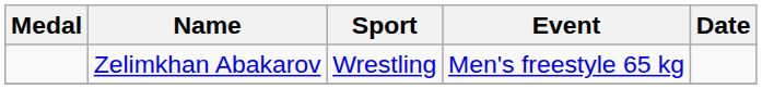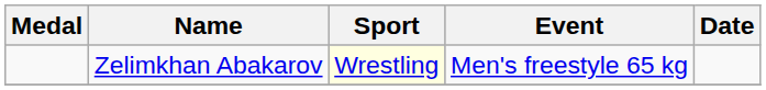 <table class="wikitable sortable" style="font-size: 95%;">
 <tr>
 <th>Medal</th>
 <th>Name</th>
 <th>Sport</th>
 <th>Event</th>
 <th>Date</th>
 </tr>
 <tr>
 <td></td>
 <td><a href='#'>Zelimkhan Abakarov</a></td>
-<td><a href='#'>Wrestling</a></td>
+<td style="background: lightyellow;"><a href='#'>Wrestling</a></td>
 <td><a href='#'>Men's freestyle 65 kg</a></td>
 <td></td>
 </tr>
 <tr>
 </tr>
 </table>
